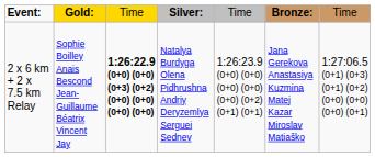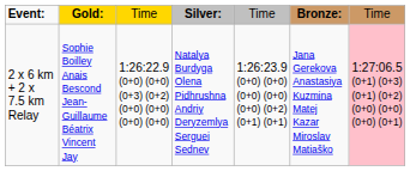 <table class="wikitable" border="1" style="width:85%;">
 <tr>
 <td><strong>Event:</strong></td>
 <td style="text-align:center;background-color:gold;"><strong>Gold:</strong></td>
 <td style="text-align:center;background-color:gold;">Time</td>
 <td style="text-align:center;background-color:silver;"><strong>Silver:</strong></td>
 <td style="text-align:center;background-color:silver;">Time</td>
 <td style="text-align:center;background-color:#CC9966;"><strong>Bronze:</strong></td>
 <td style="text-align:center;background-color:#CC9966;">Time</td>
 </tr>
 <tr>
 <td>2 x 6 km + 2 x 7.5 km Relay<br></td>
 <td><strong></strong><br><small><a href='#'>Sophie Boilley</a><br><a href='#'>Anais Bescond</a><br><a href='#'>Jean-Guillaume Béatrix</a><br><a href='#'>Vincent Jay</a></small></td>
-<td><strong>1:26:22.9<br><small>(0+0) (0+0)<br>(0+3) (0+2)<br>(0+0) (0+0)<br>(0+0) (0+0)</small></strong></td>
+<td>1:26:22.9<br><small>(0+0) (0+0)<br>(0+3) (0+2)<br>(0+0) (0+0)<br>(0+0) (0+0)</small></td>
 <td><br><small><a href='#'>Natalya Burdyga</a><br><a href='#'>Olena Pidhrushna</a><br><a href='#'>Andriy Deryzemlya</a><br><a href='#'>Serguei Sednev</a></small></td>
 <td>1:26:23.9<br><small>(0+0) (0+0)<br>(0+0) (0+0)<br>(0+0) (0+2)<br>(0+1) (0+1)</small></td>
 <td><br><small><a href='#'>Jana Gerekova</a><br><a href='#'>Anastasiya Kuzmina</a><br><a href='#'>Matej Kazar</a><br><a href='#'>Miroslav Matiaško</a></small></td>
-<td>1:27:06.5<br><small>(0+1) (0+3)<br>(0+1) (0+2)<br>(0+0) (0+0)<br>(0+0) (0+1)</small></td>
+<td style="background: pink;">1:27:06.5<br><small>(0+1) (0+3)<br>(0+1) (0+2)<br>(0+0) (0+0)<br>(0+0) (0+1)</small></td>
 </tr>
 </table>
